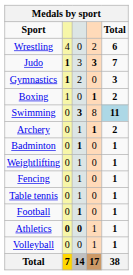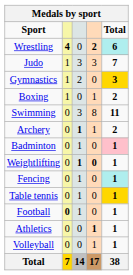 <table class=wikitable style="font-size:95%; float:right">
 <tr bgcolor=efefef>
 <th colspan=7>Medals by sport</th>
 </tr>
 <tr align=center>
 <td><strong>Sport</strong></td>
 <td bgcolor=f7f6a8></td>
 <td bgcolor=dce5e5></td>
 <td bgcolor=ffdab9></td>
 <td><strong>Total</strong></td>
 </tr>
 <tr align=center>
 <td><a href='#'>Wrestling</a></td>
-<td style="background:#F7F6A8;">4</td>
+<td style="background:#F7F6A8;"><strong>4</strong></td>
 <td style="background:#DCE5E5;">0</td>
-<td style="background:#FFDAB9;">2</td>
-<td><strong>6</strong></td>
+<td style="background:#FFDAB9;"><strong>2</strong></td>
+<td style="background: paleturquoise;"><strong>6</strong></td>
 </tr>
 <tr align=center>
 <td><a href='#'>Judo</a></td>
-<td style="background:#F7F6A8;"><strong>1</strong></td>
+<td style="background:#F7F6A8;">1</td>
 <td style="background:#DCE5E5;">3</td>
-<td style="background:#FFDAB9;"><strong>3</strong></td>
+<td style="background:#FFDAB9;">3</td>
 <td><strong>7</strong></td>
 </tr>
 <tr align=center>
 <td><a href='#'>Gymnastics</a></td>
-<td style="background:#F7F6A8;"><strong>1</strong></td>
+<td style="background:#F7F6A8;">1</td>
 <td style="background:#DCE5E5;">2</td>
 <td style="background:#FFDAB9;">0</td>
-<td><strong>3</strong></td>
+<td style="background: gold;"><strong>3</strong></td>
 </tr>
 <tr align=center>
 <td><a href='#'>Boxing</a></td>
 <td style="background:#F7F6A8;">1</td>
 <td style="background:#DCE5E5;">0</td>
-<td style="background:#FFDAB9;"><strong>1</strong></td>
+<td style="background:#FFDAB9;">1</td>
 <td><strong>2</strong></td>
 </tr>
 <tr align=center>
 <td><a href='#'>Swimming</a></td>
 <td style="background:#F7F6A8;">0</td>
-<td style="background:#DCE5E5;"><strong>3</strong></td>
+<td style="background:#DCE5E5;">3</td>
 <td style="background:#FFDAB9;">8</td>
-<td style="background: lightblue;"><strong>11</strong></td>
+<td><strong>11</strong></td>
 </tr>
 <tr align=center>
 <td><a href='#'>Archery</a></td>
 <td style="background:#F7F6A8;">0</td>
-<td style="background:#DCE5E5;">1</td>
-<td style="background:#FFDAB9;"><strong>1</strong></td>
+<td style="background:#DCE5E5;"><strong>1</strong></td>
+<td style="background:#FFDAB9;">1</td>
 <td><strong>2</strong></td>
 </tr>
 <tr align=center>
 <td><a href='#'>Badminton</a></td>
 <td style="background:#F7F6A8;">0</td>
-<td style="background:#DCE5E5;"><strong>1</strong></td>
+<td style="background:#DCE5E5;">1</td>
 <td style="background:#FFDAB9;">0</td>
-<td><strong>1</strong></td>
+<td style="background: pink;"><strong>1</strong></td>
 </tr>
 <tr align=center>
 <td><a href='#'>Weightlifting</a></td>
 <td style="background:#F7F6A8;">0</td>
-<td style="background:#DCE5E5;">1</td>
-<td style="background:#FFDAB9;">0</td>
+<td style="background:#DCE5E5;"><strong>1</strong></td>
+<td style="background:#FFDAB9;"><strong>0</strong></td>
 <td><strong>1</strong></td>
 </tr>
 <tr align=center>
 <td><a href='#'>Fencing</a></td>
 <td style="background:#F7F6A8;">0</td>
 <td style="background:#DCE5E5;">1</td>
 <td style="background:#FFDAB9;">0</td>
-<td><strong>1</strong></td>
+<td style="background: paleturquoise;"><strong>1</strong></td>
 </tr>
 <tr align=center>
 <td><a href='#'>Table tennis</a></td>
 <td style="background:#F7F6A8;">0</td>
 <td style="background:#DCE5E5;">1</td>
 <td style="background:#FFDAB9;">0</td>
-<td><strong>1</strong></td>
+<td style="background: gold;"><strong>1</strong></td>
 </tr>
 <tr align=center>
 <td><a href='#'>Football</a></td>
-<td style="background:#F7F6A8;">0</td>
-<td style="background:#DCE5E5;"><strong>1</strong></td>
+<td style="background:#F7F6A8;"><strong>0</strong></td>
+<td style="background:#DCE5E5;">1</td>
 <td style="background:#FFDAB9;">0</td>
 <td><strong>1</strong></td>
 </tr>
 <tr align=center>
 <td><a href='#'>Athletics</a></td>
-<td style="background:#F7F6A8;"><strong>0</strong></td>
-<td style="background:#DCE5E5;"><strong>0</strong></td>
-<td style="background:#FFDAB9;">1</td>
+<td style="background:#F7F6A8;">0</td>
+<td style="background:#DCE5E5;">0</td>
+<td style="background:#FFDAB9;"><strong>1</strong></td>
 <td><strong>1</strong></td>
 </tr>
 <tr align=center>
 <td><a href='#'>Volleyball</a></td>
 <td style="background:#F7F6A8;">0</td>
 <td style="background:#DCE5E5;">0</td>
 <td style="background:#FFDAB9;">1</td>
 <td><strong>1</strong></td>
 </tr>
 <tr align=center>
 <th>Total</th>
 <th style="background:gold;">7</th>
 <th style="background:silver;">14</th>
 <th style="background:#c96;">17</th>
 <th>38</th>
 </tr>
 </table>
